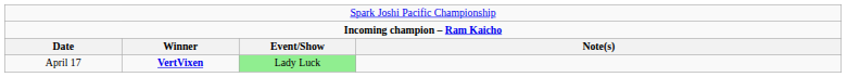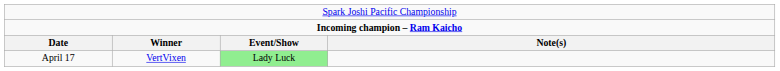 <table class="wikitable" style="text-align:center; width:100%;">
 <tr>
 <td colspan="4" style="text-align: center;"><a href='#'>Spark Joshi Pacific Championship</a></td>
 </tr>
 <tr>
 <td colspan="4" style="text-align: center;"><strong>Incoming champion – <a href='#'>Ram Kaicho</a></strong></td>
 </tr>
 <tr>
 <th width=14%>Date</th>
 <th width=14%>Winner</th>
 <th width=14%>Event/Show</th>
 <th width=58%>Note(s)</th>
 </tr>
 <tr>
 <td>April 17</td>
-<td><strong><a href='#'>VertVixen</a></strong></td>
+<td><a href='#'>VertVixen</a></td>
 <td style="background: lightgreen;">Lady Luck</td>
 <td></td>
 </tr>
 </table>
